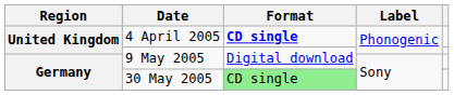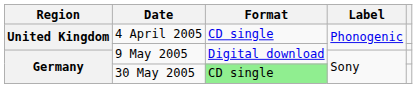 <table class="wikitable plainrowheaders">
 <tr>
 <th scope="col">Region</th>
 <th scope="col">Date</th>
 <th scope="col">Format</th>
 <th scope="col">Label</th>
 <th scope="col"></th>
 </tr>
 <tr>
 <th scope="row" rowspan="2">United Kingdom</th>
 <td>4 April 2005</td>
-<td><strong><a href='#'>CD single</a></strong></td>
+<td><a href='#'>CD single</a></td>
 <td rowspan="2"><a href='#'>Phonogenic</a></td>
 <td></td>
 </tr>
 <tr>
 <td rowspan="2">9 May 2005</td>
 <td rowspan="2"><a href='#'>Digital download</a></td>
 <td></td>
 </tr>
 <tr>
 <th scope="row" rowspan="2">Germany</th>
 <td rowspan="2">Sony</td>
 <td></td>
 </tr>
 <tr>
 <td>30 May 2005</td>
 <td style="background: lightgreen;">CD single</td>
 <td></td>
 </tr>
 </table>
